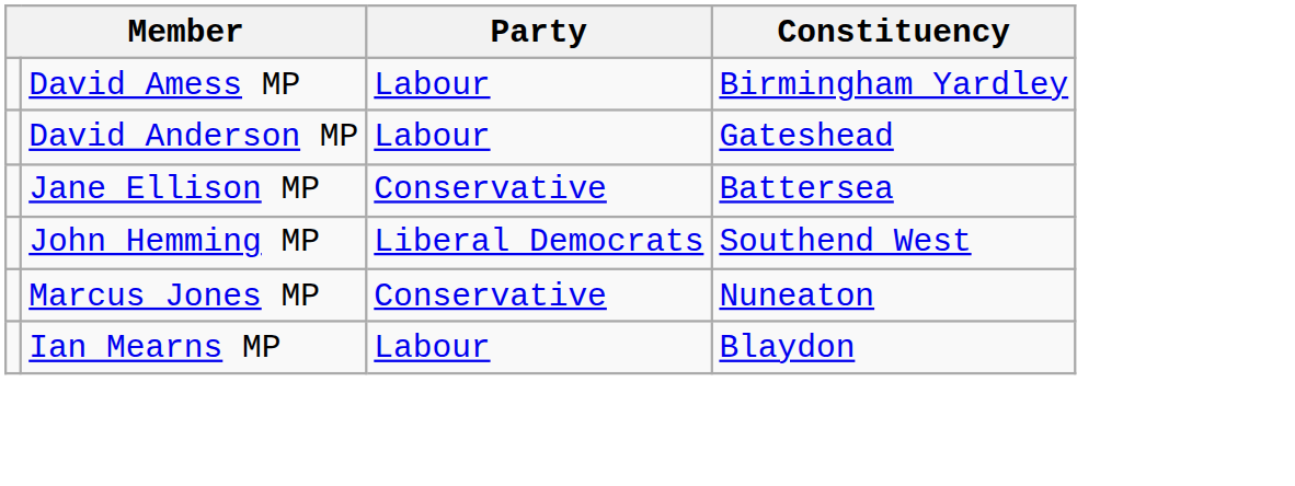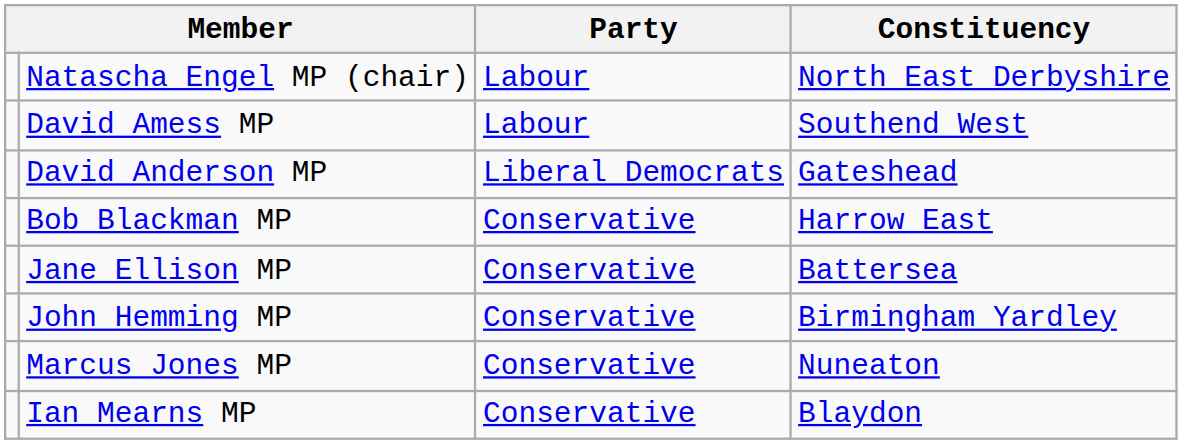 <table class="wikitable">
 <tr>
 <th colspan="2" valign="top">Member</th>
 <th valign="top">Party</th>
 <th valign="top">Constituency</th>
 </tr>
 <tr>
 <td style="color:inherit;background:"></td>
+<td><a href='#'>Natascha Engel</a> MP (chair)</td>
+<td><a href='#'>Labour</a></td>
+<td><a href='#'>North East Derbyshire</a></td>
+</tr>
+<tr>
+<td style="color:inherit;background:"></td>
 <td><a href='#'>David Amess</a> MP</td>
 <td><a href='#'>Labour</a></td>
-<td><a href='#'>Birmingham Yardley</a></td>
+<td><a href='#'>Southend West</a></td>
 </tr>
 <tr>
 <td style="color:inherit;background:"></td>
 <td><a href='#'>David Anderson</a> MP</td>
-<td><a href='#'>Labour</a></td>
+<td><a href='#'>Liberal Democrats</a></td>
 <td><a href='#'>Gateshead</a></td>
+</tr>
+<tr>
+<td style="color:inherit;background:"></td>
+<td><a href='#'>Bob Blackman</a> MP</td>
+<td><a href='#'>Conservative</a></td>
+<td><a href='#'>Harrow East</a></td>
 </tr>
 <tr>
 <td style="color:inherit;background:"></td>
 <td><a href='#'>Jane Ellison</a> MP</td>
 <td><a href='#'>Conservative</a></td>
 <td><a href='#'>Battersea</a></td>
 </tr>
 <tr>
 <td style="color:inherit;background:"></td>
 <td><a href='#'>John Hemming</a> MP</td>
-<td><a href='#'>Liberal Democrats</a></td>
-<td><a href='#'>Southend West</a></td>
+<td><a href='#'>Conservative</a></td>
+<td><a href='#'>Birmingham Yardley</a></td>
 </tr>
 <tr>
 <td style="color:inherit;background:"></td>
 <td><a href='#'>Marcus Jones</a> MP</td>
 <td><a href='#'>Conservative</a></td>
 <td><a href='#'>Nuneaton</a></td>
 </tr>
 <tr>
 <td style="color:inherit;background:"></td>
 <td><a href='#'>Ian Mearns</a> MP</td>
-<td><a href='#'>Labour</a></td>
+<td><a href='#'>Conservative</a></td>
 <td><a href='#'>Blaydon</a></td>
 </tr>
 </table>
